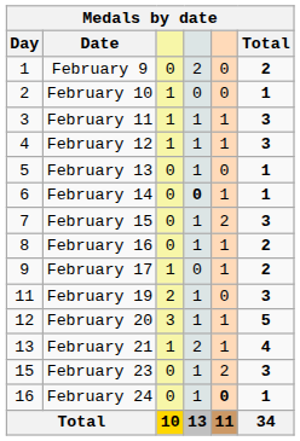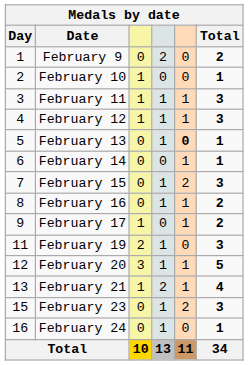 <table class=wikitable style=font-size:85%;float:right;text-align:center>
 <tr>
 <th colspan=6>Medals by date</th>
 </tr>
 <tr>
 <th>Day</th>
 <th>Date</th>
 <td bgcolor=F7F6A8></td>
 <td bgcolor=DCE5E5></td>
 <td bgcolor=FFDAB9></td>
 <th>Total</th>
 </tr>
 <tr>
 <td>1</td>
 <td>February 9</td>
 <td bgcolor=F7F6A8>0</td>
 <td bgcolor=DCE5E5>2</td>
 <td bgcolor=FFDAB9>0</td>
 <td><strong>2</strong></td>
 </tr>
 <tr>
 <td>2</td>
 <td>February 10</td>
 <td bgcolor=F7F6A8>1</td>
 <td bgcolor=DCE5E5>0</td>
 <td bgcolor=FFDAB9>0</td>
 <td><strong>1</strong></td>
 </tr>
 <tr>
 <td>3</td>
 <td>February 11</td>
 <td bgcolor=F7F6A8>1</td>
 <td bgcolor=DCE5E5>1</td>
 <td bgcolor=FFDAB9>1</td>
 <td><strong>3</strong></td>
 </tr>
 <tr>
 <td>4</td>
 <td>February 12</td>
 <td bgcolor=F7F6A8>1</td>
 <td bgcolor=DCE5E5>1</td>
 <td bgcolor=FFDAB9>1</td>
 <td><strong>3</strong></td>
 </tr>
 <tr>
 <td>5</td>
 <td>February 13</td>
 <td bgcolor=F7F6A8>0</td>
 <td bgcolor=DCE5E5>1</td>
-<td bgcolor=FFDAB9>0</td>
+<td bgcolor=FFDAB9><strong>0</strong></td>
 <td><strong>1</strong></td>
 </tr>
 <tr>
 <td>6</td>
 <td>February 14</td>
 <td bgcolor=F7F6A8>0</td>
-<td bgcolor=DCE5E5><strong>0</strong></td>
+<td bgcolor=DCE5E5>0</td>
 <td bgcolor=FFDAB9>1</td>
 <td><strong>1</strong></td>
 </tr>
 <tr>
 <td>7</td>
 <td>February 15</td>
 <td bgcolor=F7F6A8>0</td>
 <td bgcolor=DCE5E5>1</td>
 <td bgcolor=FFDAB9>2</td>
 <td><strong>3</strong></td>
 </tr>
 <tr>
 <td>8</td>
 <td>February 16</td>
 <td bgcolor=F7F6A8>0</td>
 <td bgcolor=DCE5E5>1</td>
 <td bgcolor=FFDAB9>1</td>
 <td><strong>2</strong></td>
 </tr>
 <tr>
 <td>9</td>
 <td>February 17</td>
 <td bgcolor=F7F6A8>1</td>
 <td bgcolor=DCE5E5>0</td>
 <td bgcolor=FFDAB9>1</td>
 <td><strong>2</strong></td>
 </tr>
 <tr>
 <td>11</td>
 <td>February 19</td>
 <td bgcolor=F7F6A8>2</td>
 <td bgcolor=DCE5E5>1</td>
 <td bgcolor=FFDAB9>0</td>
 <td><strong>3</strong></td>
 </tr>
 <tr>
 <td>12</td>
 <td>February 20</td>
 <td bgcolor=F7F6A8>3</td>
 <td bgcolor=DCE5E5>1</td>
 <td bgcolor=FFDAB9>1</td>
 <td><strong>5</strong></td>
 </tr>
 <tr>
 <td>13</td>
 <td>February 21</td>
 <td bgcolor=F7F6A8>1</td>
 <td bgcolor=DCE5E5>2</td>
 <td bgcolor=FFDAB9>1</td>
 <td><strong>4</strong></td>
 </tr>
 <tr>
 <td>15</td>
 <td>February 23</td>
 <td bgcolor=F7F6A8>0</td>
 <td bgcolor=DCE5E5>1</td>
 <td bgcolor=FFDAB9>2</td>
 <td><strong>3</strong></td>
 </tr>
 <tr>
 <td>16</td>
 <td>February 24</td>
 <td bgcolor=F7F6A8>0</td>
 <td bgcolor=DCE5E5>1</td>
-<td bgcolor=FFDAB9><strong>0</strong></td>
+<td bgcolor=FFDAB9>0</td>
 <td><strong>1</strong></td>
 </tr>
 <tr>
 <th colspan=2>Total</th>
 <th style=background:gold>10</th>
 <th style=background:silver>13</th>
 <th style=background:#c96>11</th>
 <th>34</th>
 </tr>
 </table>
